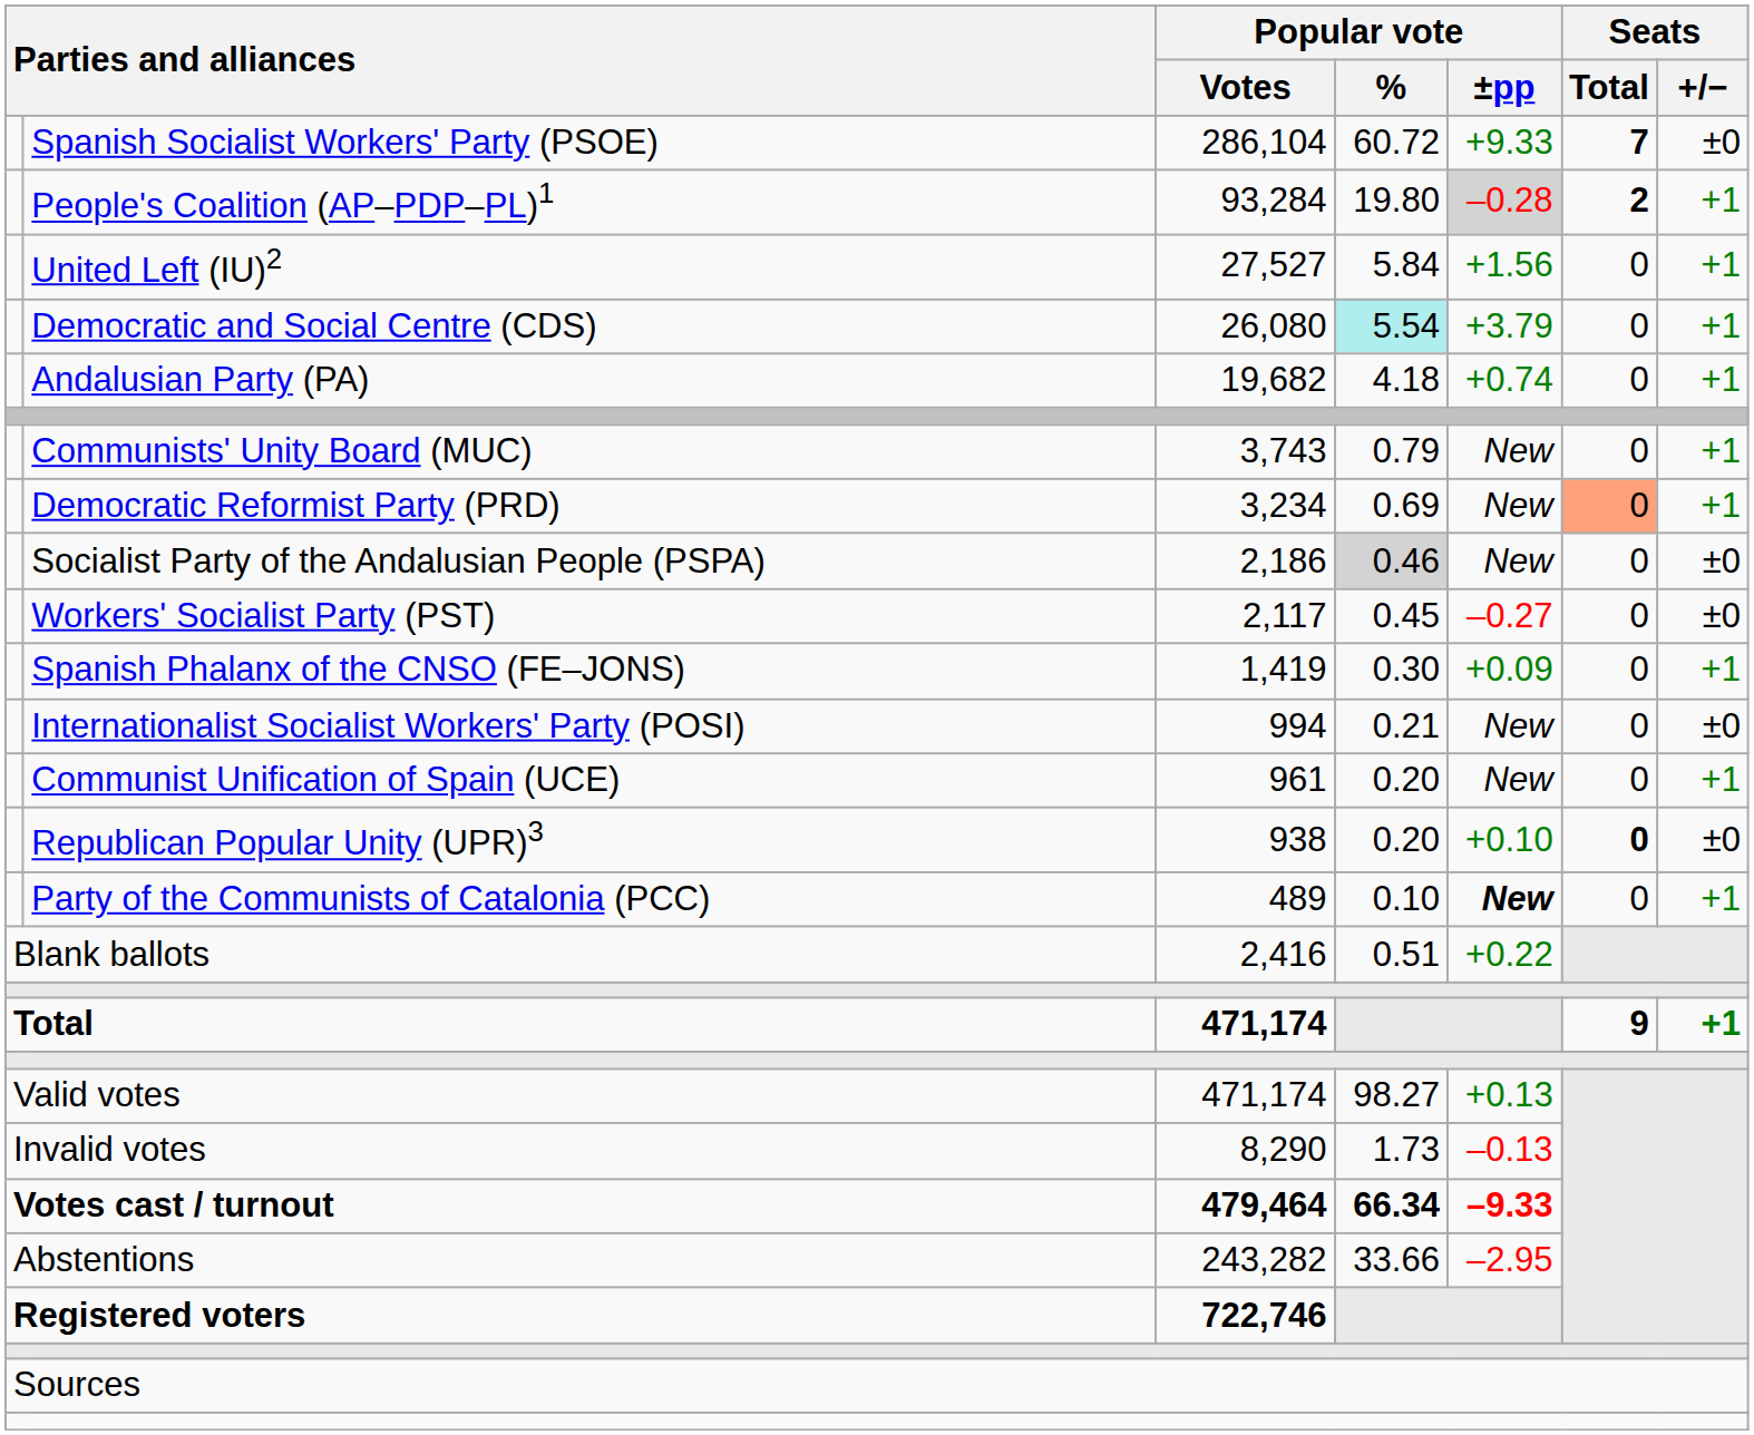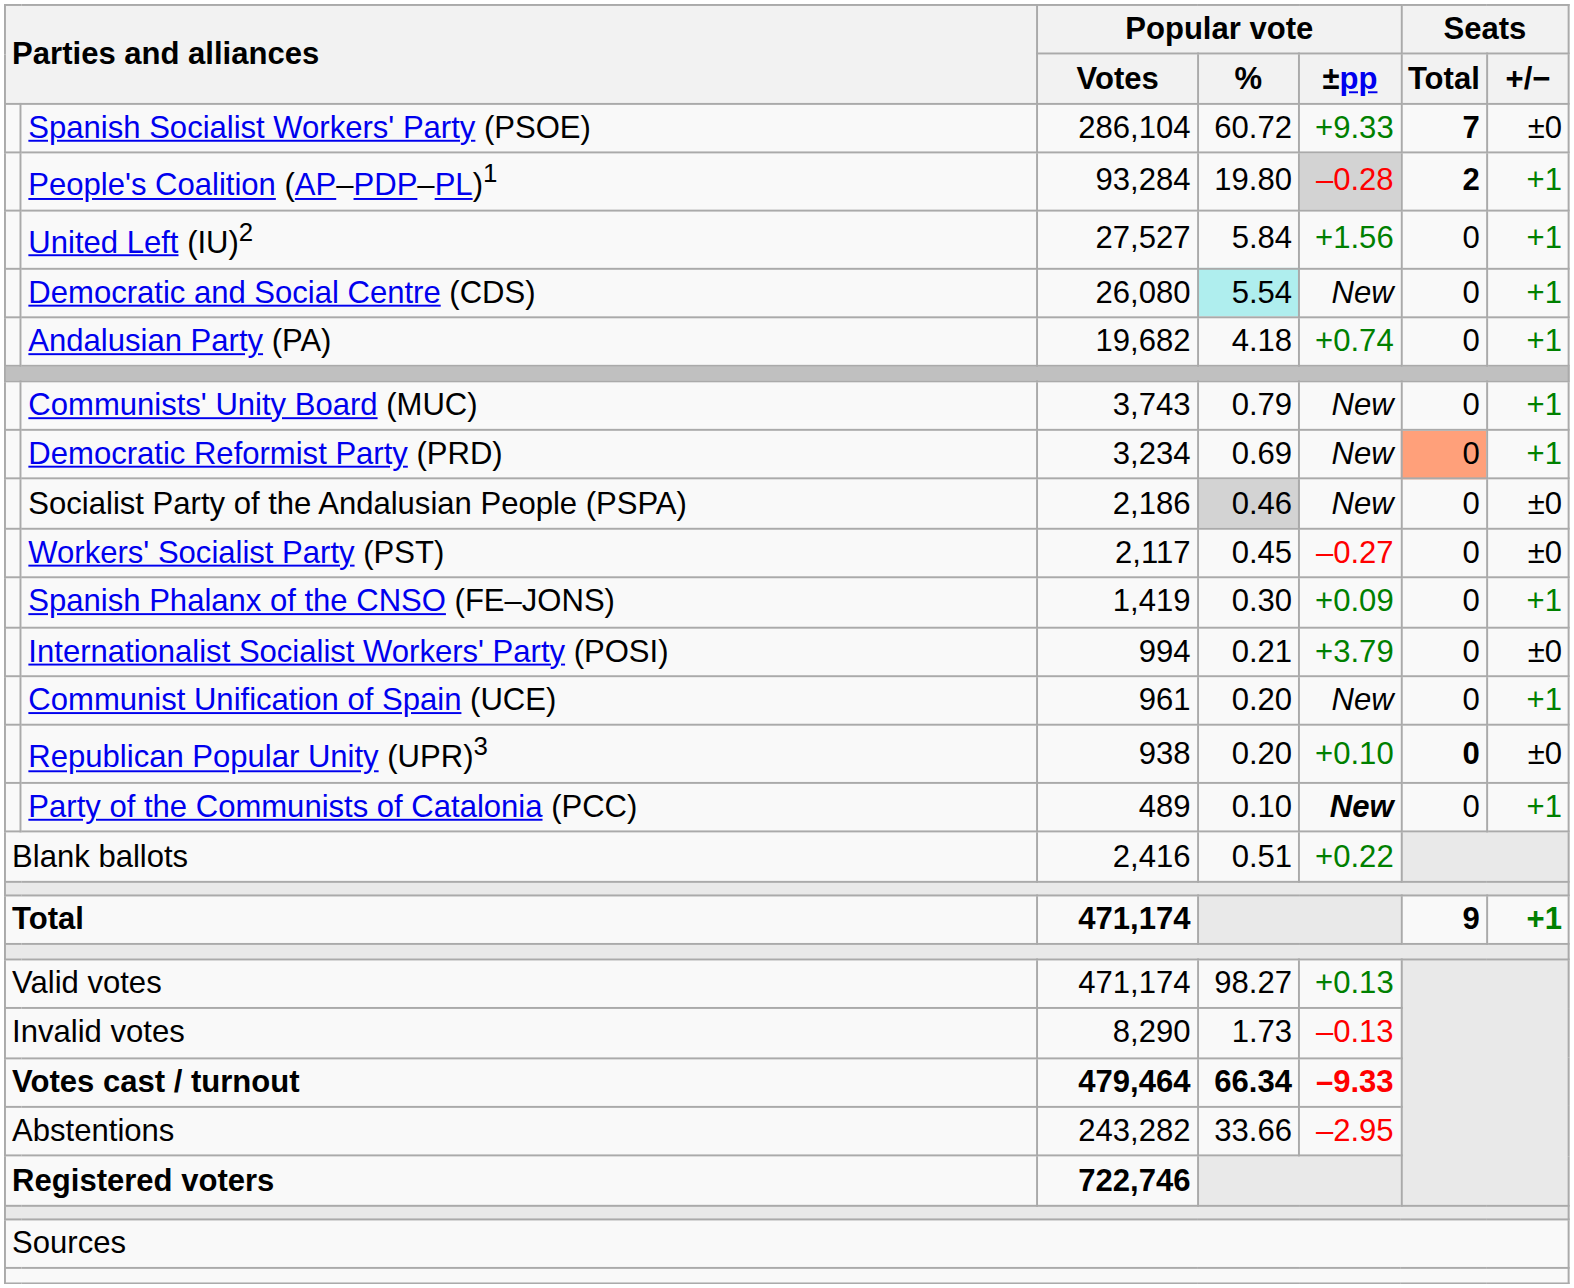 <table class="wikitable" style="text-align:right;">
 <tr>
 <th style="text-align:left;" rowspan="2" colspan="2" width="525">Parties and alliances</th>
 <th colspan="3">Popular vote</th>
 <th colspan="2">Seats</th>
 </tr>
 <tr>
 <th width="75">Votes</th>
 <th width="45">%</th>
 <th width="45">±<a href='#'>pp</a></th>
 <th width="35">Total</th>
 <th width="35">+/−</th>
 </tr>
 <tr>
 <td width="1" style="color:inherit;background:"></td>
 <td align="left"><a href='#'>Spanish Socialist Workers' Party</a> (PSOE)</td>
 <td>286,104</td>
 <td>60.72</td>
 <td style="color:green;">+9.33</td>
 <td><strong>7</strong></td>
 <td>±0</td>
 </tr>
 <tr>
 <td style="color:inherit;background:"></td>
 <td align="left"><a href='#'>People's Coalition</a> (<a href='#'>AP</a>–<a href='#'>PDP</a>–<a href='#'>PL</a>)<sup>1</sup></td>
 <td>93,284</td>
 <td>19.80</td>
 <td style="background: lightgrey; color:red;">–0.28</td>
 <td><strong>2</strong></td>
 <td style="color:green;">+1</td>
 </tr>
 <tr>
 <td style="color:inherit;background:"></td>
 <td align="left"><a href='#'>United Left</a> (IU)<sup>2</sup></td>
 <td>27,527</td>
 <td>5.84</td>
 <td style="color:green;">+1.56</td>
 <td>0</td>
 <td style="color:green;">+1</td>
 </tr>
 <tr>
 <td style="color:inherit;background:"></td>
 <td align="left"><a href='#'>Democratic and Social Centre</a> (CDS)</td>
 <td>26,080</td>
 <td style="background: paleturquoise;">5.54</td>
-<td style="color:green;">+3.79</td>
+<td><em>New</em></td>
 <td>0</td>
 <td style="color:green;">+1</td>
 </tr>
 <tr>
 <td style="color:inherit;background:"></td>
 <td align="left"><a href='#'>Andalusian Party</a> (PA)</td>
 <td>19,682</td>
 <td>4.18</td>
 <td style="color:green;">+0.74</td>
 <td>0</td>
 <td style="color:green;">+1</td>
 </tr>
 <tr>
 <td colspan="7" bgcolor="#C0C0C0"></td>
 </tr>
 <tr>
 <td style="color:inherit;background:"></td>
 <td align="left"><a href='#'>Communists' Unity Board</a> (MUC)</td>
 <td>3,743</td>
 <td>0.79</td>
 <td><em>New</em></td>
 <td>0</td>
 <td style="color:green;">+1</td>
 </tr>
 <tr>
 <td style="color:inherit;background:"></td>
 <td align="left"><a href='#'>Democratic Reformist Party</a> (PRD)</td>
 <td>3,234</td>
 <td>0.69</td>
 <td><em>New</em></td>
 <td style="background: lightsalmon;">0</td>
 <td style="color:green;">+1</td>
 </tr>
 <tr>
 <td style="color:inherit;background:"></td>
 <td align="left">Socialist Party of the Andalusian People (PSPA)</td>
 <td>2,186</td>
 <td style="background: lightgrey;">0.46</td>
 <td><em>New</em></td>
 <td>0</td>
 <td>±0</td>
 </tr>
 <tr>
 <td style="color:inherit;background:"></td>
 <td align="left"><a href='#'>Workers' Socialist Party</a> (PST)</td>
 <td>2,117</td>
 <td>0.45</td>
 <td style="color:red;">–0.27</td>
 <td>0</td>
 <td>±0</td>
 </tr>
 <tr>
 <td style="color:inherit;background:"></td>
 <td align="left"><a href='#'>Spanish Phalanx of the CNSO</a> (FE–JONS)</td>
 <td>1,419</td>
 <td>0.30</td>
 <td style="color:green;">+0.09</td>
 <td>0</td>
 <td style="color:green;">+1</td>
 </tr>
 <tr>
 <td style="color:inherit;background:"></td>
 <td align="left"><a href='#'>Internationalist Socialist Workers' Party</a> (POSI)</td>
 <td>994</td>
 <td>0.21</td>
-<td><em>New</em></td>
+<td style="color:green;">+3.79</td>
 <td>0</td>
 <td>±0</td>
 </tr>
 <tr>
 <td style="color:inherit;background:"></td>
 <td align="left"><a href='#'>Communist Unification of Spain</a> (UCE)</td>
 <td>961</td>
 <td>0.20</td>
 <td><em>New</em></td>
 <td>0</td>
 <td style="color:green;">+1</td>
 </tr>
 <tr>
 <td style="color:inherit;background:"></td>
 <td align="left"><a href='#'>Republican Popular Unity</a> (UPR)<sup>3</sup></td>
 <td>938</td>
 <td>0.20</td>
 <td style="color:green;">+0.10</td>
 <td><strong>0</strong></td>
 <td>±0</td>
 </tr>
 <tr>
 <td style="color:inherit;background:"></td>
 <td align="left"><a href='#'>Party of the Communists of Catalonia</a> (PCC)</td>
 <td>489</td>
 <td>0.10</td>
 <td><strong><em>New</em></strong></td>
 <td>0</td>
 <td style="color:green;">+1</td>
 </tr>
 <tr>
 <td align="left" colspan="2">Blank ballots</td>
 <td>2,416</td>
 <td>0.51</td>
 <td style="color:green;">+0.22</td>
 <td bgcolor="#E9E9E9" colspan="2"></td>
 </tr>
 <tr>
 <td colspan="7" bgcolor="#E9E9E9"></td>
 </tr>
 <tr style="font-weight:bold;">
 <td align="left" colspan="2">Total</td>
 <td>471,174</td>
 <td bgcolor="#E9E9E9" colspan="2"></td>
 <td>9</td>
 <td style="color:green;">+1</td>
 </tr>
 <tr>
 <td colspan="7" bgcolor="#E9E9E9"></td>
 </tr>
 <tr>
 <td align="left" colspan="2">Valid votes</td>
 <td>471,174</td>
 <td>98.27</td>
 <td style="color:green;">+0.13</td>
 <td bgcolor="#E9E9E9" colspan="2" rowspan="5"></td>
 </tr>
 <tr>
 <td align="left" colspan="2">Invalid votes</td>
 <td>8,290</td>
 <td>1.73</td>
 <td style="color:red;">–0.13</td>
 </tr>
 <tr style="font-weight:bold;">
 <td align="left" colspan="2">Votes cast / turnout</td>
 <td>479,464</td>
 <td>66.34</td>
 <td style="color:red;">–9.33</td>
 </tr>
 <tr>
 <td align="left" colspan="2">Abstentions</td>
 <td>243,282</td>
 <td>33.66</td>
 <td style="color:red;">–2.95</td>
 </tr>
 <tr style="font-weight:bold;">
 <td align="left" colspan="2">Registered voters</td>
 <td>722,746</td>
 <td bgcolor="#E9E9E9" colspan="2"></td>
 </tr>
 <tr>
 <td colspan="7" bgcolor="#E9E9E9"></td>
 </tr>
 <tr>
 <td align="left" colspan="7">Sources</td>
 </tr>
 <tr>
 <td colspan="7" style="text-align:left; max-width:790px;"></td>
 </tr>
 </table>
